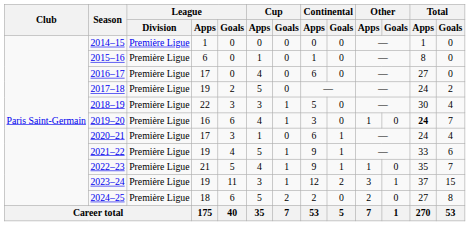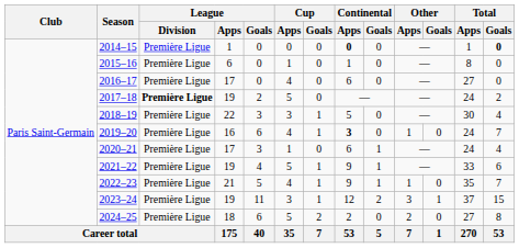 <table class="wikitable" style="text-align: center;">
 <tr>
 <th rowspan="2">Club</th>
 <th rowspan="2">Season</th>
 <th colspan="3">League</th>
 <th colspan="2">Cup</th>
 <th colspan="2">Continental</th>
 <th colspan="2">Other</th>
 <th colspan="2">Total</th>
 </tr>
 <tr>
 <th>Division</th>
 <th>Apps</th>
 <th>Goals</th>
 <th>Apps</th>
 <th>Goals</th>
 <th>Apps</th>
 <th>Goals</th>
 <th>Apps</th>
 <th>Goals</th>
 <th>Apps</th>
 <th>Goals</th>
 </tr>
 <tr>
 <td rowspan="11"><a href='#'>Paris Saint-Germain</a></td>
 <td><a href='#'>2014–15</a></td>
 <td><a href='#'>Première Ligue</a></td>
 <td>1</td>
 <td>0</td>
 <td>0</td>
 <td>0</td>
-<td>0</td>
+<td><strong>0</strong></td>
 <td>0</td>
 <td colspan="2">—</td>
 <td>1</td>
-<td>0</td>
+<td><strong>0</strong></td>
 </tr>
 <tr>
 <td><a href='#'>2015–16</a></td>
 <td>Première Ligue</td>
 <td>6</td>
 <td>0</td>
 <td>1</td>
 <td>0</td>
 <td>1</td>
 <td>0</td>
 <td colspan="2">—</td>
 <td>8</td>
 <td>0</td>
 </tr>
 <tr>
 <td><a href='#'>2016–17</a></td>
 <td>Première Ligue</td>
 <td>17</td>
 <td>0</td>
 <td>4</td>
 <td>0</td>
 <td>6</td>
 <td>0</td>
 <td colspan="2">—</td>
 <td>27</td>
 <td>0</td>
 </tr>
 <tr>
 <td><a href='#'>2017–18</a></td>
-<td>Première Ligue</td>
+<td><strong>Première Ligue</strong></td>
 <td>19</td>
 <td>2</td>
 <td>5</td>
 <td>0</td>
 <td colspan="2">—</td>
 <td colspan="2">—</td>
 <td>24</td>
 <td>2</td>
 </tr>
 <tr>
 <td><a href='#'>2018–19</a></td>
 <td>Première Ligue</td>
 <td>22</td>
 <td>3</td>
 <td>3</td>
 <td>1</td>
 <td>5</td>
 <td>0</td>
 <td colspan="2">—</td>
 <td>30</td>
 <td>4</td>
 </tr>
 <tr>
 <td><a href='#'>2019–20</a></td>
 <td>Première Ligue</td>
 <td>16</td>
 <td>6</td>
 <td>4</td>
 <td>1</td>
-<td>3</td>
+<td><strong>3</strong></td>
 <td>0</td>
 <td>1</td>
 <td>0</td>
-<td><strong>24</strong></td>
+<td>24</td>
 <td>7</td>
 </tr>
 <tr>
 <td><a href='#'>2020–21</a></td>
 <td>Première Ligue</td>
 <td>17</td>
 <td>3</td>
 <td>1</td>
 <td>0</td>
 <td>6</td>
 <td>1</td>
 <td colspan="2">—</td>
 <td>24</td>
 <td>4</td>
 </tr>
 <tr>
 <td><a href='#'>2021–22</a></td>
 <td>Première Ligue</td>
 <td>19</td>
 <td>4</td>
 <td>5</td>
 <td>1</td>
 <td>9</td>
 <td>1</td>
 <td colspan="2">—</td>
 <td>33</td>
 <td>6</td>
 </tr>
 <tr>
 <td><a href='#'>2022–23</a></td>
 <td>Première Ligue</td>
 <td>21</td>
 <td>5</td>
 <td>4</td>
 <td>1</td>
 <td>9</td>
 <td>1</td>
 <td>1</td>
 <td>0</td>
 <td>35</td>
 <td>7</td>
 </tr>
 <tr>
 <td><a href='#'>2023–24</a></td>
 <td>Première Ligue</td>
 <td>19</td>
 <td>11</td>
 <td>3</td>
 <td>1</td>
 <td>12</td>
 <td>2</td>
 <td>3</td>
 <td>1</td>
 <td>37</td>
 <td>15</td>
 </tr>
 <tr>
 <td><a href='#'>2024–25</a></td>
 <td>Première Ligue</td>
 <td>18</td>
 <td>6</td>
 <td>5</td>
 <td>2</td>
 <td>2</td>
 <td>0</td>
 <td>2</td>
 <td>0</td>
 <td>27</td>
 <td>8</td>
 </tr>
 <tr>
 <th colspan=3>Career total</th>
 <th>175</th>
 <th>40</th>
 <th>35</th>
 <th>7</th>
 <th>53</th>
 <th>5</th>
 <th>7</th>
 <th>1</th>
 <th>270</th>
 <th>53</th>
 </tr>
 </table>
